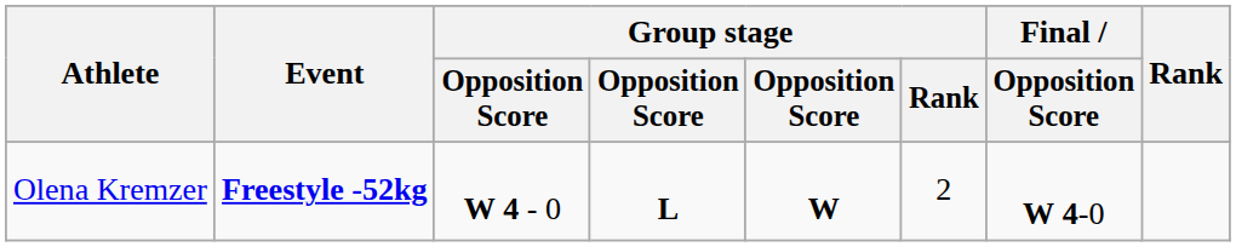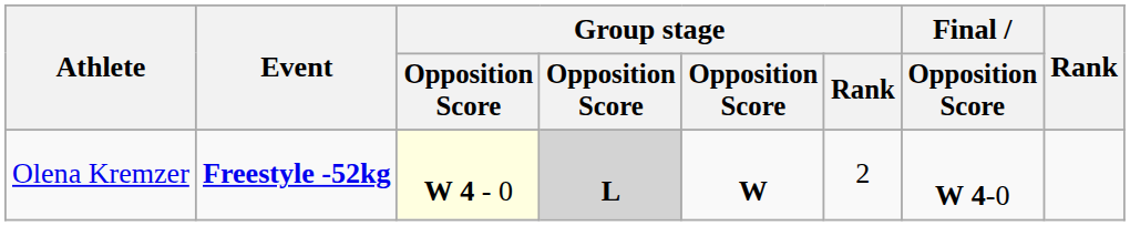 <table class="wikitable" style="font-size:90%">
 <tr>
 <th rowspan=2>Athlete</th>
 <th rowspan=2>Event</th>
 <th colspan=4>Group stage</th>
 <th>Final / </th>
 <th rowspan=2>Rank</th>
 </tr>
 <tr style="font-size:95%">
 <th>Opposition<br>Score</th>
 <th>Opposition<br>Score</th>
 <th>Opposition<br>Score</th>
 <th>Rank</th>
 <th>Opposition<br>Score</th>
 </tr>
 <tr align=center>
 <td align=left><a href='#'>Olena Kremzer</a></td>
 <td align=left><strong><a href='#'>Freestyle -52kg</a></strong></td>
-<td><br><strong>W</strong> <strong>4</strong> - 0</td>
-<td><br><strong>L</strong></td>
+<td style="background: lightyellow;"><br><strong>W</strong> <strong>4</strong> - 0</td>
+<td style="background: lightgrey;"><br><strong>L</strong></td>
 <td><br><strong>W</strong></td>
 <td>2 </td>
 <td><br><strong>W</strong> <strong>4</strong>-0 <sup></sup></td>
 <td></td>
 </tr>
 </table>
